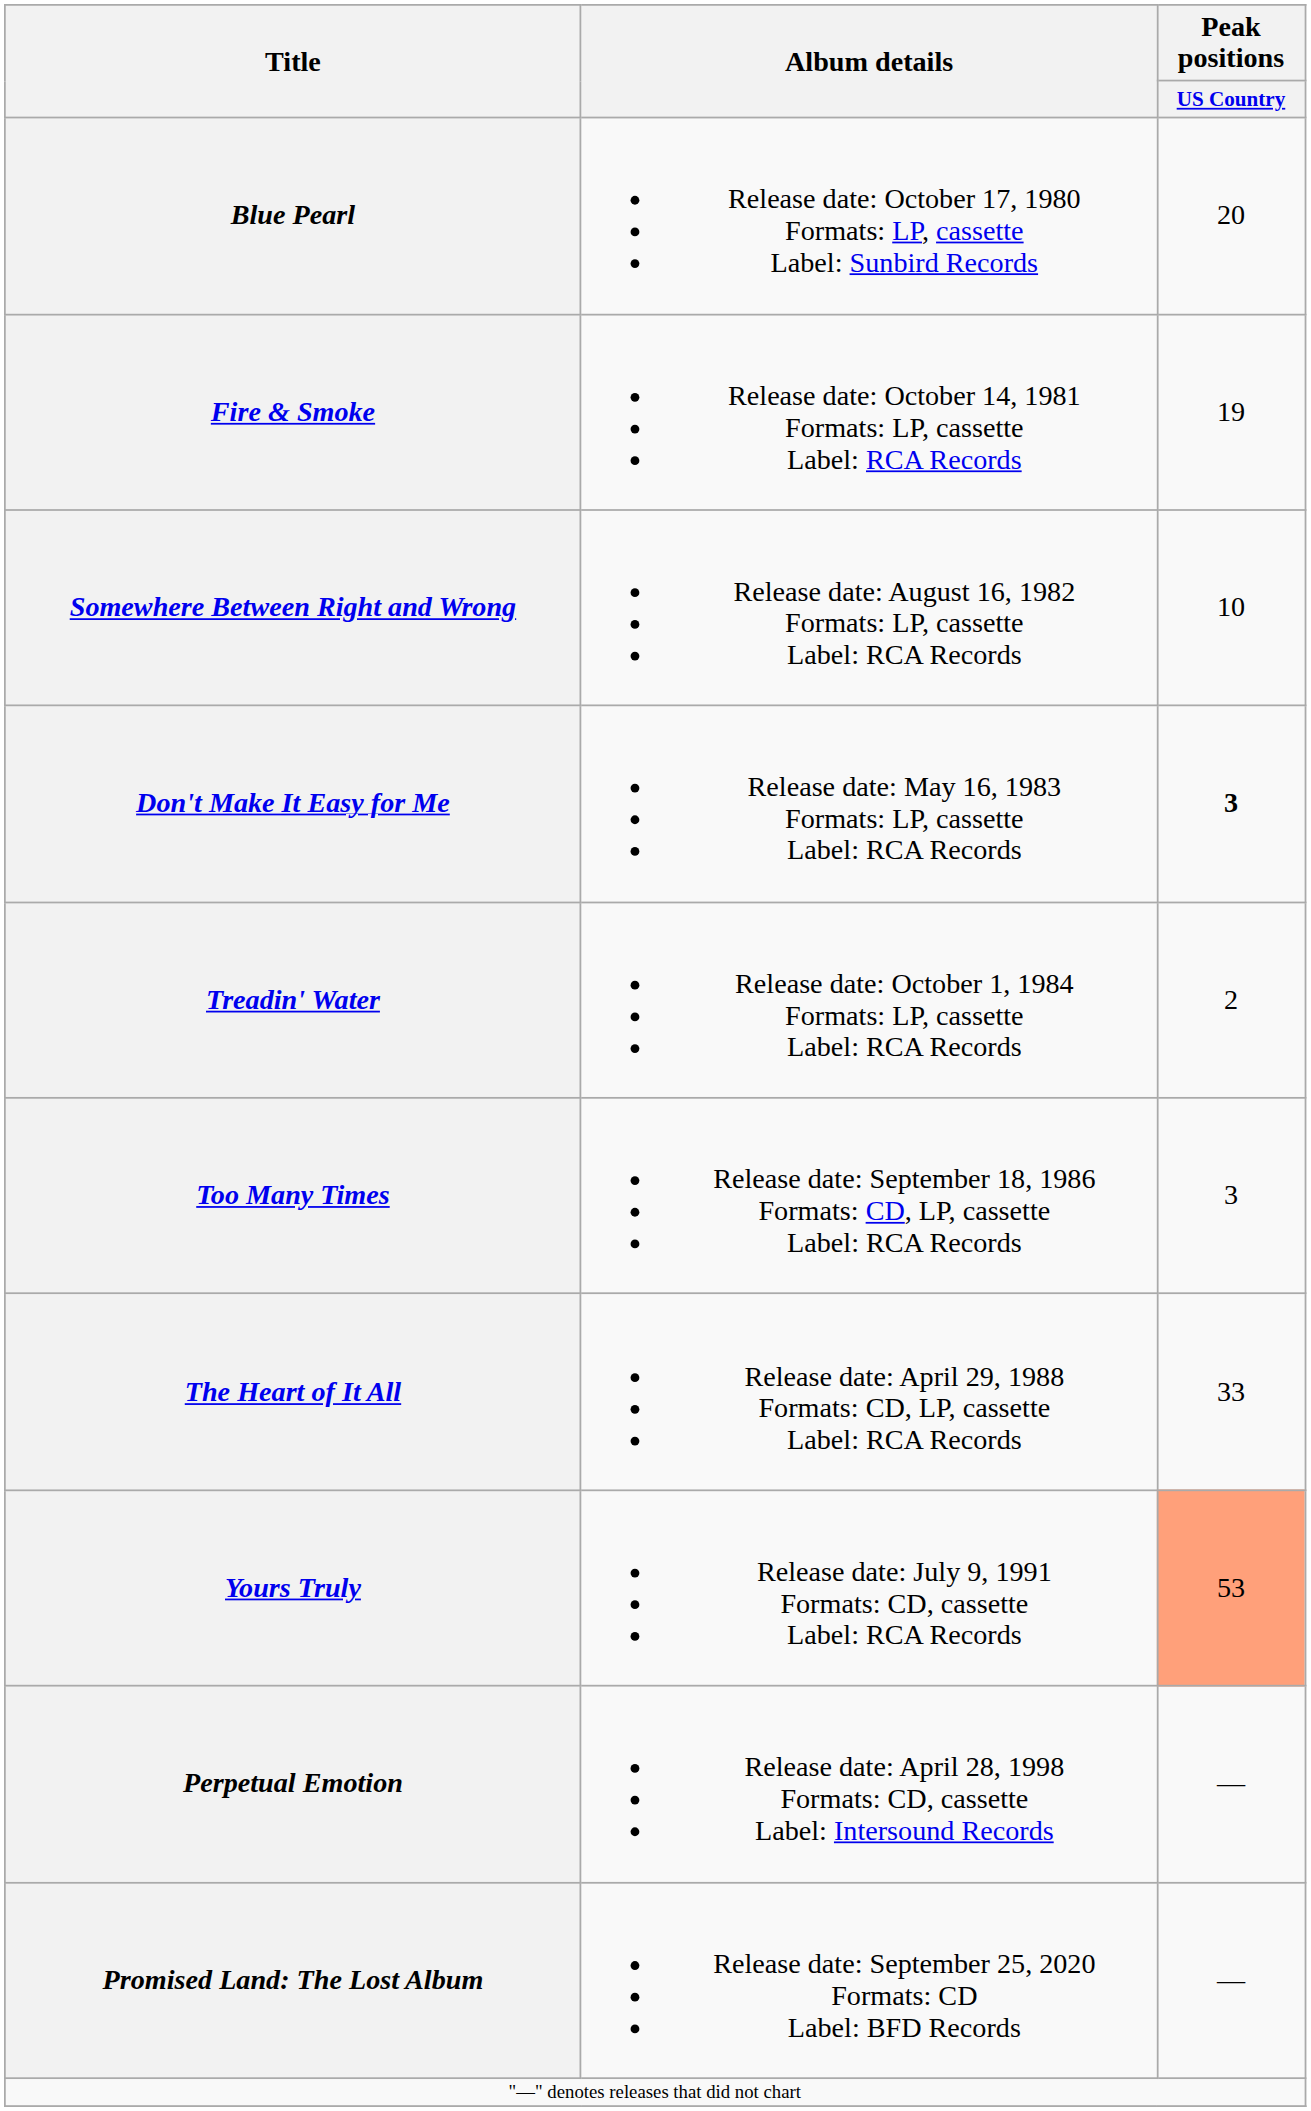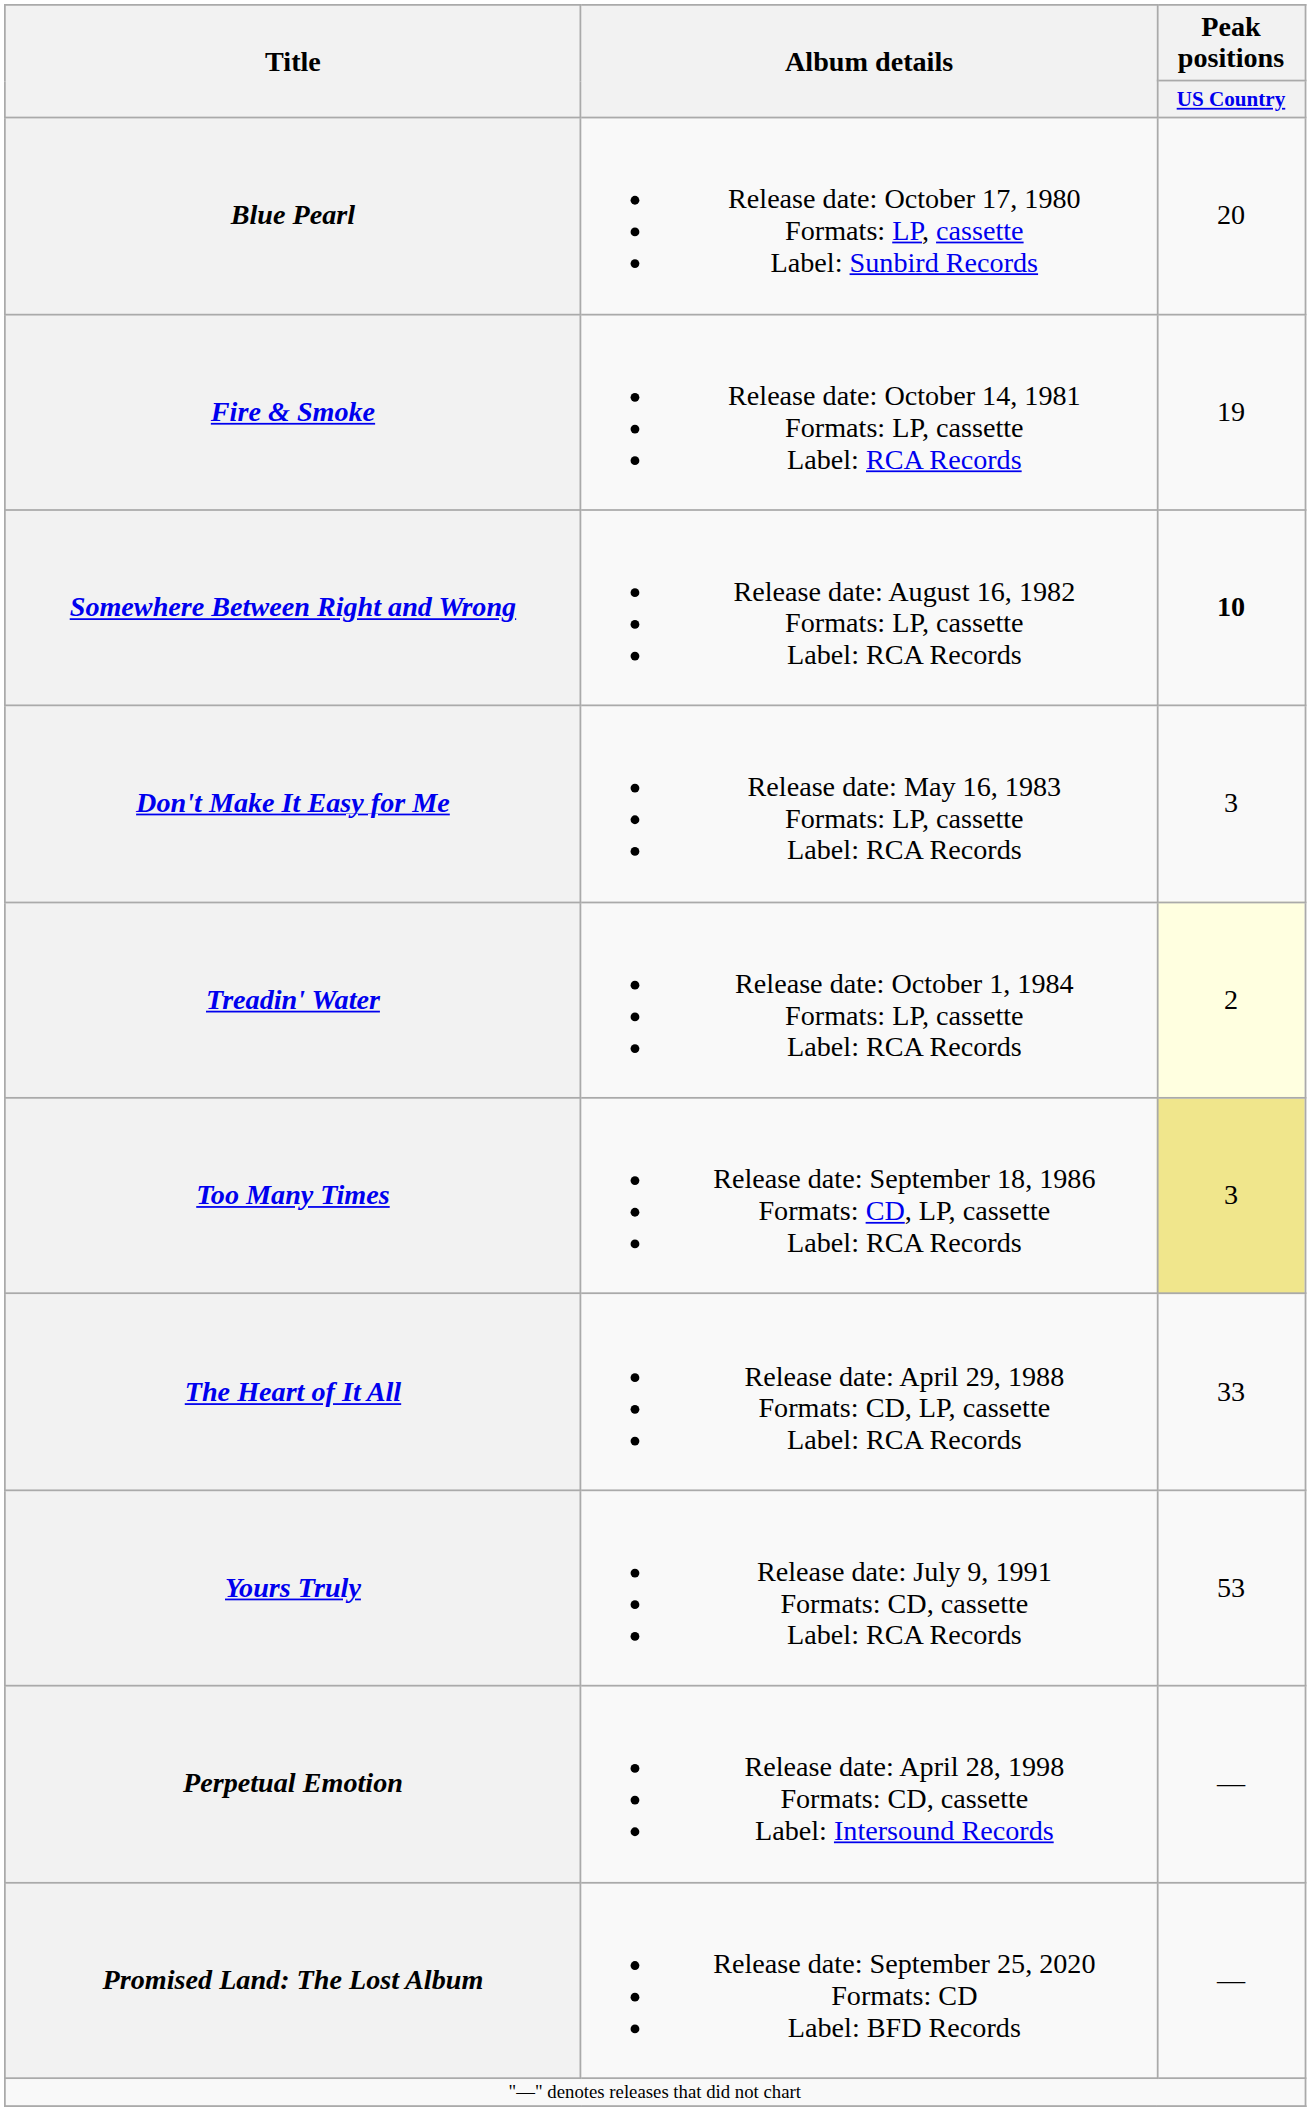 <table class="wikitable plainrowheaders" style="text-align:center;">
 <tr>
 <th rowspan="2" style="width:20em;">Title</th>
 <th rowspan="2" style="width:20em;">Album details</th>
 <th colspan="1">Peak positions</th>
 </tr>
 <tr>
 <th style="width:6.5em;font-size:75%;"><a href='#'>US Country</a><br></th>
 </tr>
 <tr>
 <th scope="row"><em>Blue Pearl</em></th>
 <td><br><ul><li>Release date: October 17, 1980</li><li>Formats: <a href='#'>LP</a>, <a href='#'>cassette</a></li><li>Label: <a href='#'>Sunbird Records</a></li></ul></td>
 <td>20</td>
 </tr>
 <tr>
 <th scope="row"><em><a href='#'>Fire & Smoke</a></em></th>
 <td><br><ul><li>Release date: October 14, 1981</li><li>Formats: LP, cassette</li><li>Label: <a href='#'>RCA Records</a></li></ul></td>
 <td>19</td>
 </tr>
 <tr>
 <th scope="row"><em><a href='#'>Somewhere Between Right and Wrong</a></em></th>
 <td><br><ul><li>Release date: August 16, 1982</li><li>Formats: LP, cassette</li><li>Label: RCA Records</li></ul></td>
-<td>10</td>
+<td><strong>10</strong></td>
 </tr>
 <tr>
 <th scope="row"><em><a href='#'>Don't Make It Easy for Me</a></em></th>
 <td><br><ul><li>Release date: May 16, 1983</li><li>Formats: LP, cassette</li><li>Label: RCA Records</li></ul></td>
-<td><strong>3</strong></td>
+<td>3</td>
 </tr>
 <tr>
 <th scope="row"><em><a href='#'>Treadin' Water</a></em></th>
 <td><br><ul><li>Release date: October 1, 1984</li><li>Formats: LP, cassette</li><li>Label: RCA Records</li></ul></td>
-<td>2</td>
+<td style="background: lightyellow;">2</td>
 </tr>
 <tr>
 <th scope="row"><em><a href='#'>Too Many Times</a></em></th>
 <td><br><ul><li>Release date: September 18, 1986</li><li>Formats: <a href='#'>CD</a>, LP, cassette</li><li>Label: RCA Records</li></ul></td>
-<td>3</td>
+<td style="background: khaki;">3</td>
 </tr>
 <tr>
 <th scope="row"><em><a href='#'>The Heart of It All</a></em></th>
 <td><br><ul><li>Release date: April 29, 1988</li><li>Formats: CD, LP, cassette</li><li>Label: RCA Records</li></ul></td>
 <td>33</td>
 </tr>
 <tr>
 <th scope="row"><em><a href='#'>Yours Truly</a></em></th>
 <td><br><ul><li>Release date: July 9, 1991</li><li>Formats: CD, cassette</li><li>Label: RCA Records</li></ul></td>
-<td style="background: lightsalmon;">53</td>
+<td>53</td>
 </tr>
 <tr>
 <th scope="row"><em>Perpetual Emotion</em></th>
 <td><br><ul><li>Release date: April 28, 1998</li><li>Formats: CD, cassette</li><li>Label: <a href='#'>Intersound Records</a></li></ul></td>
 <td>—</td>
 </tr>
 <tr>
 <th scope="row"><em>Promised Land: The Lost Album</em></th>
 <td><br><ul><li>Release date: September 25, 2020</li><li>Formats: CD</li><li>Label: BFD Records</li></ul></td>
 <td>—</td>
 </tr>
 <tr>
 <td colspan="3" style="font-size:8pt">"—" denotes releases that did not chart</td>
 </tr>
 <tr>
 </tr>
 </table>
